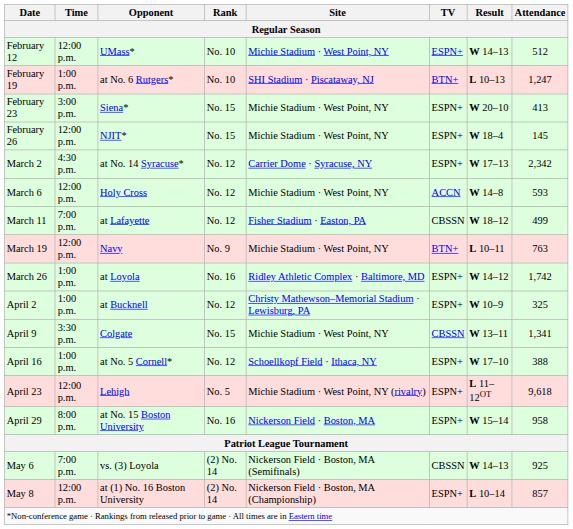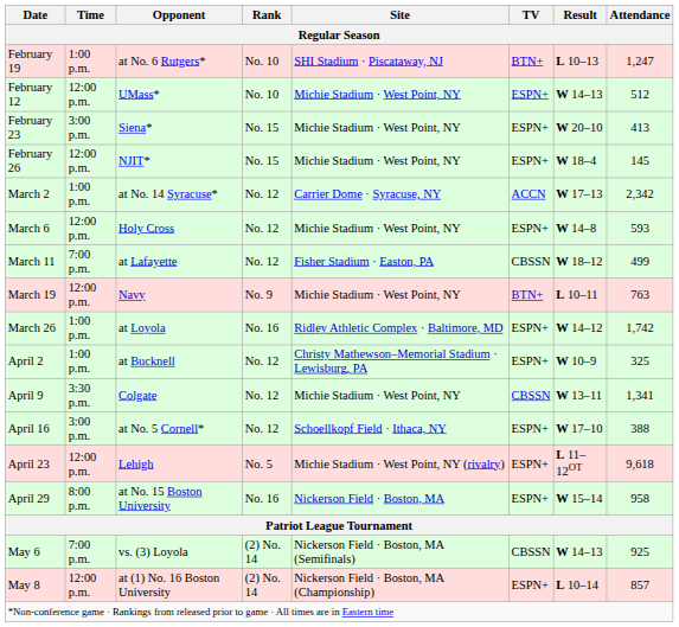 <table class="wikitable">
 <tr>
 <th>Date</th>
 <th>Time</th>
 <th>Opponent</th>
 <th>Rank</th>
 <th>Site</th>
 <th>TV</th>
 <th>Result</th>
 <th>Attendance</th>
 </tr>
 <tr>
 <th colspan=8>Regular Season</th>
 </tr>
+<tr bgcolor=FFDDDD>
+<td>February 19</td>
+<td>1:00 p.m.</td>
+<td>at No. 6 <a href='#'>Rutgers</a>*</td>
+<td>No. 10</td>
+<td><a href='#'>SHI Stadium</a> · <a href='#'>Piscataway, NJ</a></td>
+<td><a href='#'>BTN+</a></td>
+<td><strong>L</strong> 10–13</td>
+<td align=center>1,247</td>
+</tr>
 <tr bgcolor=DDFFDD>
 <td>February 12</td>
 <td>12:00 p.m.</td>
 <td><a href='#'>UMass</a>*</td>
 <td>No. 10</td>
 <td><a href='#'>Michie Stadium</a> · <a href='#'>West Point, NY</a></td>
 <td><a href='#'>ESPN+</a></td>
 <td><strong>W</strong> 14–13</td>
 <td align=center>512</td>
-</tr>
-<tr bgcolor=FFDDDD>
-<td>February 19</td>
-<td>1:00 p.m.</td>
-<td>at No. 6 <a href='#'>Rutgers</a>*</td>
-<td>No. 10</td>
-<td><a href='#'>SHI Stadium</a> · <a href='#'>Piscataway, NJ</a></td>
-<td><a href='#'>BTN+</a></td>
-<td><strong>L</strong> 10–13</td>
-<td align=center>1,247</td>
 </tr>
 <tr bgcolor=DDFFDD>
 <td>February 23</td>
 <td>3:00 p.m.</td>
 <td><a href='#'>Siena</a>*</td>
 <td>No. 15</td>
 <td>Michie Stadium · West Point, NY</td>
 <td>ESPN+</td>
 <td><strong>W</strong> 20–10</td>
 <td align=center>413</td>
 </tr>
 <tr bgcolor=DDFFDD>
 <td>February 26</td>
 <td>12:00 p.m.</td>
 <td><a href='#'>NJIT</a>*</td>
 <td>No. 15</td>
 <td>Michie Stadium · West Point, NY</td>
 <td>ESPN+</td>
 <td><strong>W</strong> 18–4</td>
 <td align=center>145</td>
 </tr>
 <tr bgcolor=DDFFDD>
 <td>March 2</td>
-<td>4:30 p.m.</td>
+<td>1:00 p.m.</td>
 <td>at No. 14 <a href='#'>Syracuse</a>*</td>
 <td>No. 12</td>
 <td><a href='#'>Carrier Dome</a> · <a href='#'>Syracuse, NY</a></td>
-<td>ESPN+</td>
+<td><a href='#'>ACCN</a></td>
 <td><strong>W</strong> 17–13</td>
 <td align=center>2,342</td>
 </tr>
 <tr bgcolor=DDFFDD>
 <td>March 6</td>
 <td>12:00 p.m.</td>
 <td><a href='#'>Holy Cross</a></td>
 <td>No. 12</td>
 <td>Michie Stadium · West Point, NY</td>
-<td><a href='#'>ACCN</a></td>
+<td>ESPN+</td>
 <td><strong>W</strong> 14–8</td>
 <td align=center>593</td>
 </tr>
 <tr bgcolor=DDFFDD>
 <td>March 11</td>
 <td>7:00 p.m.</td>
 <td>at <a href='#'>Lafayette</a></td>
 <td>No. 12</td>
 <td><a href='#'>Fisher Stadium</a> · <a href='#'>Easton, PA</a></td>
 <td>CBSSN</td>
 <td><strong>W</strong> 18–12</td>
 <td align=center>499</td>
 </tr>
 <tr bgcolor=FFDDDD>
 <td>March 19</td>
 <td>12:00 p.m.</td>
 <td><a href='#'>Navy</a></td>
 <td>No. 9</td>
 <td>Michie Stadium · West Point, NY</td>
 <td><a href='#'>BTN+</a></td>
 <td><strong>L</strong> 10–11</td>
 <td align=center>763</td>
 </tr>
 <tr bgcolor=DDFFDD>
 <td>March 26</td>
 <td>1:00 p.m.</td>
 <td>at <a href='#'>Loyola</a></td>
 <td>No. 16</td>
 <td><a href='#'>Ridley Athletic Complex</a> · <a href='#'>Baltimore, MD</a></td>
 <td>ESPN+</td>
 <td><strong>W</strong> 14–12</td>
 <td align=center>1,742</td>
 </tr>
 <tr bgcolor=DDFFDD>
 <td>April 2</td>
 <td>1:00 p.m.</td>
 <td>at <a href='#'>Bucknell</a></td>
 <td>No. 12</td>
 <td><a href='#'>Christy Mathewson–Memorial Stadium</a> · <a href='#'>Lewisburg, PA</a></td>
 <td>ESPN+</td>
 <td><strong>W</strong> 10–9</td>
 <td align=center>325</td>
 </tr>
 <tr bgcolor=DDFFDD>
 <td>April 9</td>
 <td>3:30 p.m.</td>
 <td><a href='#'>Colgate</a></td>
-<td>No. 15</td>
+<td>No. 12</td>
 <td>Michie Stadium · West Point, NY</td>
 <td><a href='#'>CBSSN</a></td>
 <td><strong>W</strong> 13–11</td>
 <td align=center>1,341</td>
 </tr>
 <tr bgcolor=DDFFDD>
 <td>April 16</td>
-<td>1:00 p.m.</td>
+<td>3:00 p.m.</td>
 <td>at No. 5 <a href='#'>Cornell</a>*</td>
 <td>No. 12</td>
 <td><a href='#'>Schoellkopf Field</a> · <a href='#'>Ithaca, NY</a></td>
 <td>ESPN+</td>
 <td><strong>W</strong> 17–10</td>
 <td align=center>388</td>
 </tr>
 <tr bgcolor=FFDDDD>
 <td>April 23</td>
 <td>12:00 p.m.</td>
 <td><a href='#'>Lehigh</a></td>
 <td>No. 5</td>
 <td>Michie Stadium · West Point, NY (<a href='#'>rivalry</a>)</td>
 <td>ESPN+</td>
 <td><strong>L</strong> 11–12<sup>OT</sup></td>
 <td align=center>9,618</td>
 </tr>
 <tr bgcolor=DDFFDD>
 <td>April 29</td>
 <td>8:00 p.m.</td>
 <td>at No. 15 <a href='#'>Boston University</a></td>
 <td>No. 16</td>
 <td><a href='#'>Nickerson Field</a> · <a href='#'>Boston, MA</a></td>
 <td>ESPN+</td>
 <td><strong>W</strong> 15–14</td>
 <td align=center>958</td>
 </tr>
 <tr>
 <th colspan=8>Patriot League Tournament</th>
 </tr>
 <tr bgcolor=DDFFDD>
 <td>May 6</td>
 <td>7:00 p.m.</td>
 <td>vs. (3) Loyola</td>
 <td>(2) No. 14</td>
 <td>Nickerson Field · Boston, MA (Semifinals)</td>
 <td>CBSSN</td>
 <td><strong>W</strong> 14–13</td>
 <td align=center>925</td>
 </tr>
 <tr bgcolor=FFDDDD>
 <td>May 8</td>
 <td>12:00 p.m.</td>
 <td>at (1) No. 16 Boston University</td>
 <td>(2) No. 14</td>
 <td>Nickerson Field · Boston, MA (Championship)</td>
 <td>ESPN+</td>
 <td><strong>L</strong> 10–14</td>
 <td align=center>857</td>
 </tr>
 <tr>
 <td colspan=8 style="text-align:left;"><small>*Non-conference game · Rankings from  released prior to game · All times are in <a href='#'>Eastern time</a></small></td>
 </tr>
 </table>
